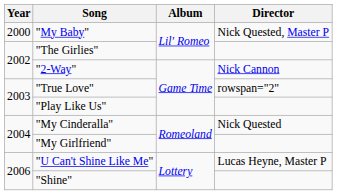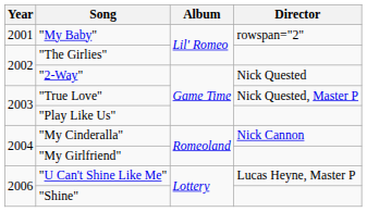 <table class="wikitable">
 <tr>
 <th>Year</th>
 <th>Song</th>
 <th>Album</th>
 <th>Director</th>
 </tr>
 <tr>
-<td>2000</td>
+<td>2001</td>
 <td>"<a href='#'>My Baby</a>"</td>
 <td rowspan="2"><em><a href='#'>Lil' Romeo</a></em></td>
-<td>Nick Quested, <a href='#'>Master P</a></td>
+<td>rowspan="2" </td>
 </tr>
 <tr>
 <td rowspan="2">2002</td>
 <td>"The Girlies"</td>
 <td></td>
 </tr>
 <tr>
 <td>"<a href='#'>2-Way</a>"</td>
 <td rowspan="3"><em><a href='#'>Game Time</a></em></td>
-<td><a href='#'>Nick Cannon</a></td>
+<td>Nick Quested</td>
 </tr>
 <tr>
 <td rowspan="2">2003</td>
 <td>"True Love"</td>
-<td>rowspan="2" </td>
+<td>Nick Quested, <a href='#'>Master P</a></td>
 </tr>
 <tr>
 <td>"Play Like Us"</td>
 </tr>
 <tr>
 <td rowspan="2">2004</td>
 <td>"My Cinderalla"</td>
 <td rowspan="2"><em><a href='#'>Romeoland</a></em></td>
-<td>Nick Quested</td>
+<td><a href='#'>Nick Cannon</a></td>
 </tr>
 <tr>
 <td>"My Girlfriend"</td>
 <td></td>
 </tr>
 <tr>
 <td rowspan="2">2006</td>
 <td>"<a href='#'>U Can't Shine Like Me</a>"</td>
 <td rowspan="2"><em><a href='#'>Lottery</a></em></td>
 <td>Lucas Heyne, Master P</td>
 </tr>
 <tr>
 <td>"Shine"</td>
 <td></td>
 </tr>
 </table>
